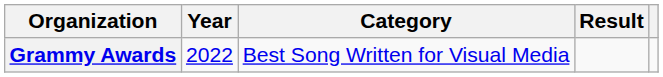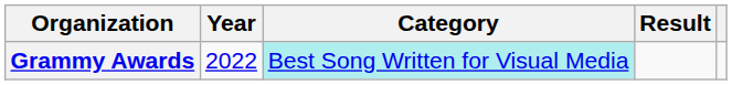 <table class="wikitable sortable plainrowheaders" style="border:none; margin:0;">
 <tr>
 <th scope="col">Organization</th>
 <th scope="col">Year</th>
 <th scope="col">Category</th>
 <th scope="col">Result</th>
 <th scope="col" class="unsortable"></th>
 </tr>
 <tr>
 <th rowspan="5" scope="row"><a href='#'>Grammy Awards</a></th>
 <td rowspan="5"><a href='#'>2022</a></td>
-<td><a href='#'>Best Song Written for Visual Media</a></td>
+<td style="background: paleturquoise;"><a href='#'>Best Song Written for Visual Media</a></td>
 <td></td>
 <td rowspan="5" style="text-align:center"></td>
 </tr>
 </table>
